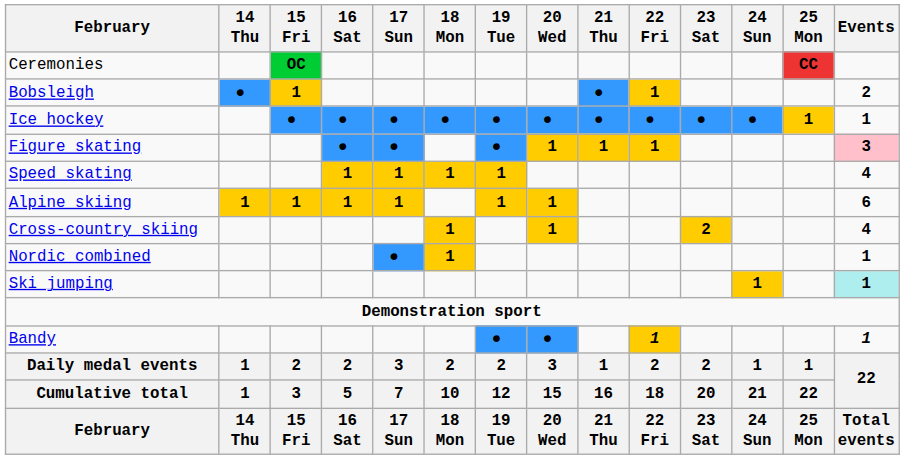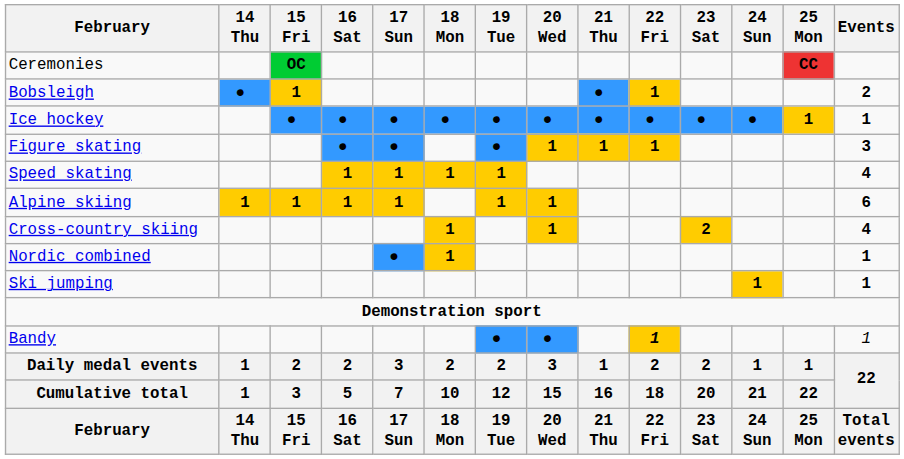 <table class="wikitable"  style="margin:0.5em auto; font-size:90%; line-height:1.25em; width:75%;">
 <tr>
 <th style="width:26%;">February</th>
 <th style="width:6%;">14<br>Thu</th>
 <th style="width:6%;">15<br>Fri</th>
 <th style="width:6%;">16<br>Sat</th>
 <th style="width:6%;">17<br>Sun</th>
 <th style="width:6%;">18<br>Mon</th>
 <th style="width:6%;">19<br>Tue</th>
 <th style="width:6%;">20<br>Wed</th>
 <th style="width:6%;">21<br>Thu</th>
 <th style="width:6%;">22<br>Fri</th>
 <th style="width:6%;">23<br>Sat</th>
 <th style="width:6%;">24<br>Sun</th>
 <th style="width:6%;">25<br>Mon</th>
 <th style="width:10%;">Events</th>
 </tr>
 <tr>
 <td> Ceremonies</td>
 <td></td>
 <td style="background-color:#00cc33;text-align:center;"><strong>OC</strong></td>
 <td></td>
 <td></td>
 <td></td>
 <td></td>
 <td></td>
 <td></td>
 <td></td>
 <td></td>
 <td></td>
 <td style="background-color:#ee3333;text-align:center;"><strong>CC</strong></td>
 <td></td>
 </tr>
 <tr style="text-align:center;">
 <td style="text-align:left;"> <a href='#'>Bobsleigh</a></td>
 <td style="background:#39f;">● </td>
 <td style="background:#fc0;"><strong>1</strong></td>
 <td></td>
 <td></td>
 <td></td>
 <td></td>
 <td></td>
 <td style="background:#39f;">● </td>
 <td style="background:#fc0;"><strong>1</strong></td>
 <td></td>
 <td></td>
 <td></td>
 <td><strong>2</strong></td>
 </tr>
 <tr style="text-align:center;">
 <td style="text-align:left;"> <a href='#'>Ice hockey</a></td>
 <td></td>
 <td style="background:#39f;">● </td>
 <td style="background:#39f;">● </td>
 <td style="background:#39f;">● </td>
 <td style="background:#39f;">● </td>
 <td style="background:#39f;">● </td>
 <td style="background:#39f;">● </td>
 <td style="background:#39f;">● </td>
 <td style="background:#39f;">● </td>
 <td style="background:#39f;">● </td>
 <td style="background:#39f;">● </td>
 <td style="background:#fc0;"><strong>1</strong></td>
 <td><strong>1</strong></td>
 </tr>
 <tr style="text-align:center;">
 <td style="text-align:left;"> <a href='#'>Figure skating</a></td>
 <td></td>
 <td></td>
 <td style="background:#39f;">● </td>
 <td style="background:#39f;">● </td>
 <td></td>
 <td style="background:#39f;">● </td>
 <td style="background:#fc0;"><strong>1</strong></td>
 <td style="background:#fc0;"><strong>1</strong></td>
 <td style="background:#fc0;"><strong>1</strong></td>
 <td></td>
 <td></td>
 <td></td>
-<td style="background: pink;"><strong>3</strong></td>
+<td><strong>3</strong></td>
 </tr>
 <tr style="text-align:center;">
 <td style="text-align:left;"> <a href='#'>Speed skating</a></td>
 <td></td>
 <td></td>
 <td style="background:#fc0;"><strong>1</strong></td>
 <td style="background:#fc0;"><strong>1</strong></td>
 <td style="background:#fc0;"><strong>1</strong></td>
 <td style="background:#fc0;"><strong>1</strong></td>
 <td></td>
 <td></td>
 <td></td>
 <td></td>
 <td></td>
 <td></td>
 <td><strong>4</strong></td>
 </tr>
 <tr style="text-align:center;">
 <td style="text-align:left;"> <a href='#'>Alpine skiing</a></td>
 <td style="background:#fc0;"><strong>1</strong></td>
 <td style="background:#fc0;"><strong>1</strong></td>
 <td style="background:#fc0;"><strong>1</strong></td>
 <td style="background:#fc0;"><strong>1</strong></td>
 <td></td>
 <td style="background:#fc0;"><strong>1</strong></td>
 <td style="background:#fc0;"><strong>1</strong></td>
 <td></td>
 <td></td>
 <td></td>
 <td></td>
 <td></td>
 <td><strong>6</strong></td>
 </tr>
 <tr style="text-align:center;">
 <td style="text-align:left;"> <a href='#'>Cross-country skiing</a></td>
 <td></td>
 <td></td>
 <td></td>
 <td></td>
 <td style="background:#fc0;"><strong>1</strong></td>
 <td></td>
 <td style="background:#fc0;"><strong>1</strong></td>
 <td></td>
 <td></td>
 <td style="background:#fc0;"><strong>2</strong></td>
 <td></td>
 <td></td>
 <td><strong>4</strong></td>
 </tr>
 <tr style="text-align:center;">
 <td style="text-align:left;"> <a href='#'>Nordic combined</a></td>
 <td></td>
 <td></td>
 <td></td>
 <td style="background:#39f;">● </td>
 <td style="background:#fc0;"><strong>1</strong></td>
 <td></td>
 <td></td>
 <td></td>
 <td></td>
 <td></td>
 <td></td>
 <td></td>
 <td><strong>1</strong></td>
 </tr>
 <tr style="text-align:center;">
 <td style="text-align:left;"> <a href='#'>Ski jumping</a></td>
 <td></td>
 <td></td>
 <td></td>
 <td></td>
 <td></td>
 <td></td>
 <td></td>
 <td></td>
 <td></td>
 <td></td>
 <td style="background:#fc0;"><strong>1</strong></td>
 <td></td>
-<td style="background: paleturquoise;"><strong>1</strong></td>
+<td><strong>1</strong></td>
 </tr>
 <tr align="center">
 <td colspan="15"><strong>Demonstration sport</strong></td>
 </tr>
 <tr align="center">
 <td style="text-align:left;"> <a href='#'>Bandy</a></td>
 <td></td>
 <td></td>
 <td></td>
 <td></td>
 <td></td>
 <td style="background:#3399ff">● </td>
 <td style="background:#3399ff">● </td>
 <td></td>
 <td style="background:#fc0"><strong><em>1</em></strong></td>
 <td></td>
 <td></td>
 <td></td>
-<td><strong><em>1</em></strong></td>
+<td><em>1</em></td>
 </tr>
 <tr>
 <th>Daily medal events</th>
 <th>1</th>
 <th>2</th>
 <th>2</th>
 <th>3</th>
 <th>2</th>
 <th>2</th>
 <th>3</th>
 <th>1</th>
 <th>2</th>
 <th>2</th>
 <th>1</th>
 <th>1</th>
 <th rowspan=2>22</th>
 </tr>
 <tr>
 <th>Cumulative total</th>
 <th>1</th>
 <th>3</th>
 <th>5</th>
 <th>7</th>
 <th>10</th>
 <th>12</th>
 <th>15</th>
 <th>16</th>
 <th>18</th>
 <th>20</th>
 <th>21</th>
 <th>22</th>
 </tr>
 <tr>
 <th style="width:24%;">February</th>
 <th style="width:6%;">14<br>Thu</th>
 <th style="width:6%;">15<br>Fri</th>
 <th style="width:6%;">16<br>Sat</th>
 <th style="width:6%;">17<br>Sun</th>
 <th style="width:6%;">18<br>Mon</th>
 <th style="width:6%;">19<br>Tue</th>
 <th style="width:6%;">20<br>Wed</th>
 <th style="width:6%;">21<br>Thu</th>
 <th style="width:6%;">22<br>Fri</th>
 <th style="width:6%;">23<br>Sat</th>
 <th style="width:6%;">24<br>Sun</th>
 <th style="width:6%;">25<br>Mon</th>
 <th style="width:10%;">Total events</th>
 </tr>
 </table>
